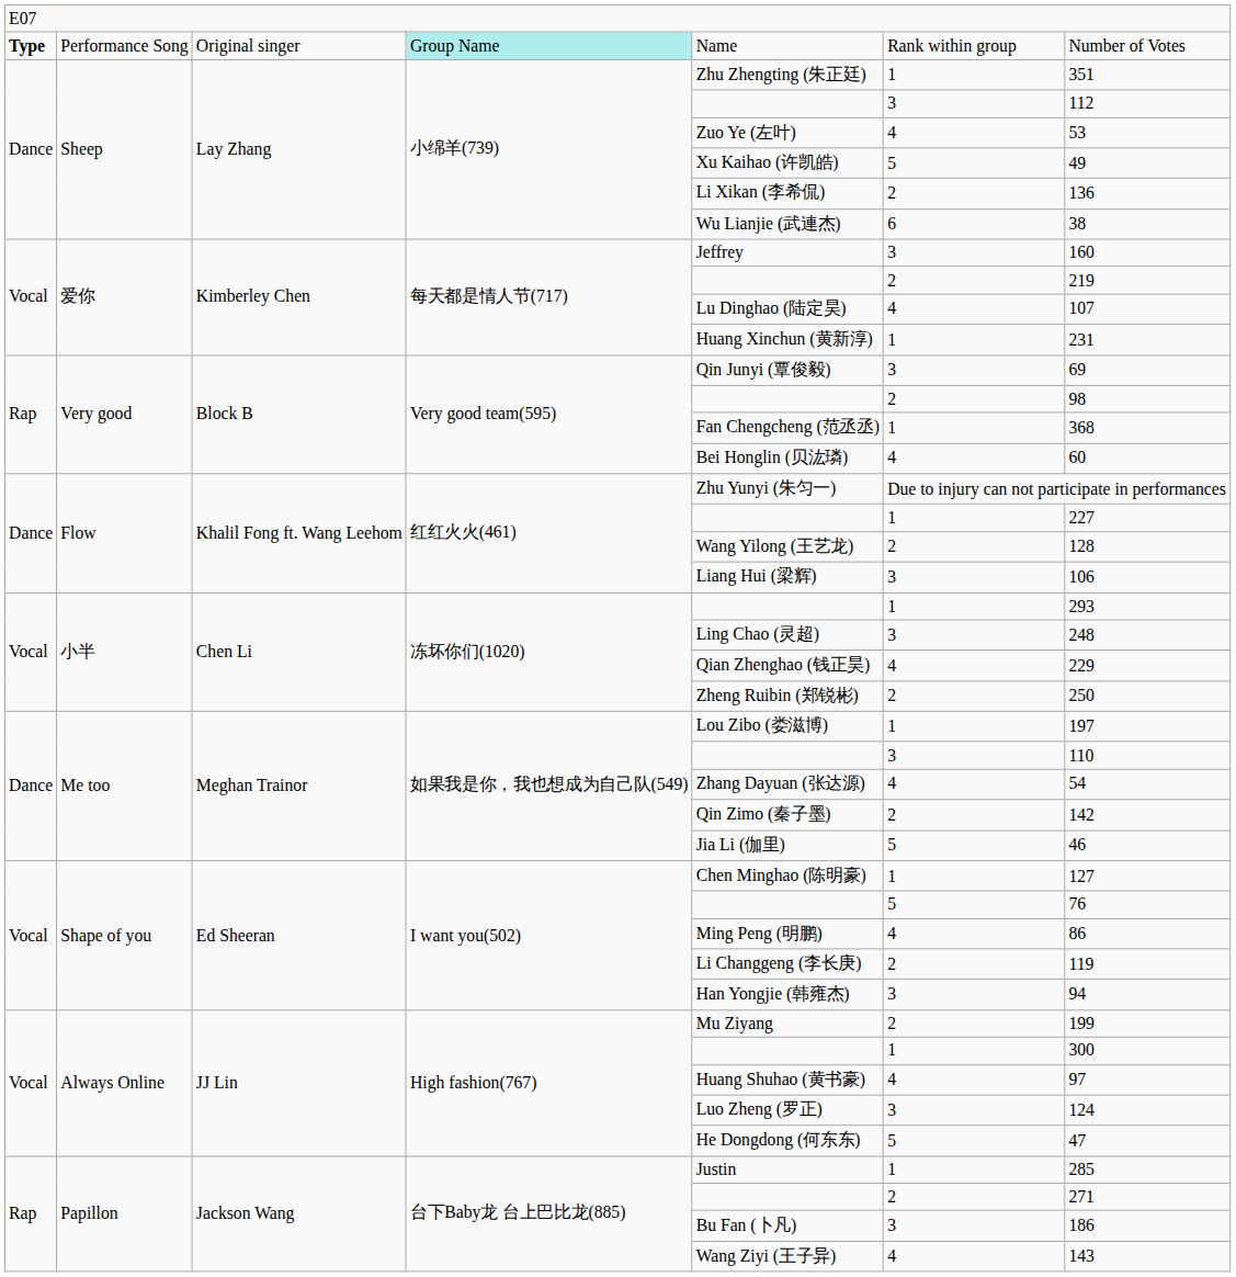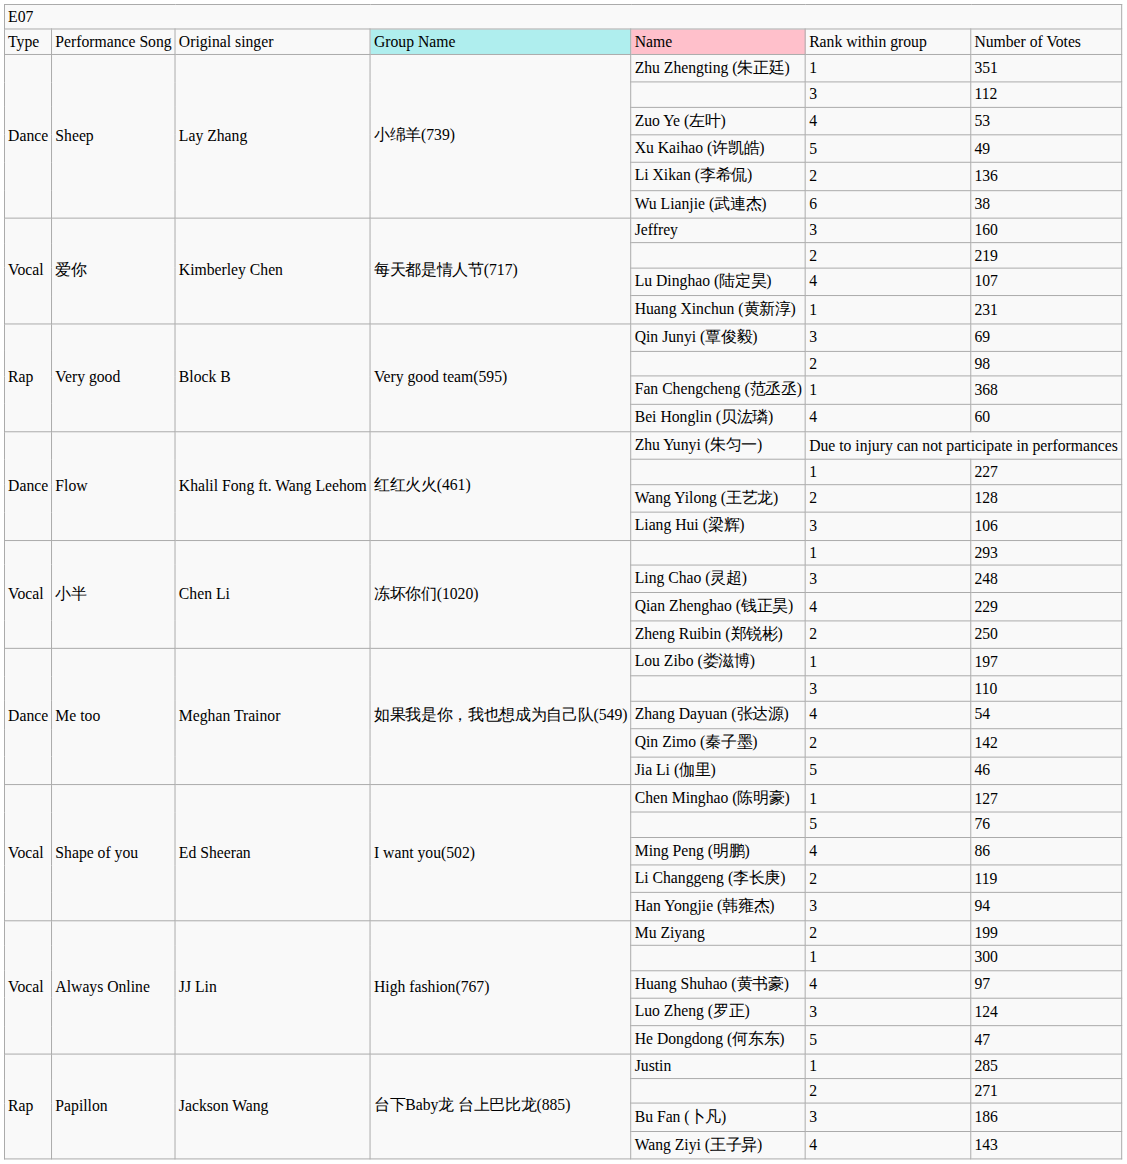 <table class="wikitable">
 <tr>
 <td colspan="7">E07</td>
 </tr>
 <tr>
-<td><strong>Type</strong></td>
+<td>Type</td>
 <td>Performance Song</td>
 <td>Original singer</td>
 <td style="background: paleturquoise;">Group Name</td>
-<td>Name</td>
+<td style="background: pink;">Name</td>
 <td>Rank within group</td>
 <td>Number of Votes</td>
 </tr>
 <tr>
 <td rowspan="6">Dance</td>
 <td rowspan="6">Sheep</td>
 <td rowspan="6">Lay Zhang</td>
 <td rowspan="6">小绵羊(739)</td>
 <td>Zhu Zhengting (朱正廷)</td>
 <td>1</td>
 <td>351</td>
 </tr>
 <tr>
 <td></td>
 <td>3</td>
 <td>112</td>
 </tr>
 <tr>
 <td>Zuo Ye (左叶)</td>
 <td>4</td>
 <td>53</td>
 </tr>
 <tr>
 <td>Xu Kaihao (许凯皓)</td>
 <td>5</td>
 <td>49</td>
 </tr>
 <tr>
 <td>Li Xikan (李希侃)</td>
 <td>2</td>
 <td>136</td>
 </tr>
 <tr>
 <td>Wu Lianjie (武連杰)</td>
 <td>6</td>
 <td>38</td>
 </tr>
 <tr>
 <td rowspan="4">Vocal</td>
 <td rowspan="4">爱你</td>
 <td rowspan="4">Kimberley Chen</td>
 <td rowspan="4">每天都是情人节(717)</td>
 <td>Jeffrey</td>
 <td>3</td>
 <td>160</td>
 </tr>
 <tr>
 <td></td>
 <td>2</td>
 <td>219</td>
 </tr>
 <tr>
 <td>Lu Dinghao (陆定昊)</td>
 <td>4</td>
 <td>107</td>
 </tr>
 <tr>
 <td>Huang Xinchun (黄新淳)</td>
 <td>1</td>
 <td>231</td>
 </tr>
 <tr>
 <td rowspan="4">Rap</td>
 <td rowspan="4">Very good</td>
 <td rowspan="4">Block B</td>
 <td rowspan="4">Very good team(595)</td>
 <td>Qin Junyi (覃俊毅)</td>
 <td>3</td>
 <td>69</td>
 </tr>
 <tr>
 <td></td>
 <td>2</td>
 <td>98</td>
 </tr>
 <tr>
 <td>Fan Chengcheng (范丞丞)</td>
 <td>1</td>
 <td>368</td>
 </tr>
 <tr>
 <td>Bei Honglin (贝汯璘)</td>
 <td>4</td>
 <td>60</td>
 </tr>
 <tr>
 <td rowspan="4">Dance</td>
 <td rowspan="4">Flow</td>
 <td rowspan="4">Khalil Fong ft. Wang Leehom</td>
 <td rowspan="4">红红火火(461)</td>
 <td>Zhu Yunyi (朱匀一)</td>
 <td colspan="2">Due to injury can not participate in performances</td>
 </tr>
 <tr>
 <td></td>
 <td>1</td>
 <td>227</td>
 </tr>
 <tr>
 <td>Wang Yilong (王艺龙)</td>
 <td>2</td>
 <td>128</td>
 </tr>
 <tr>
 <td>Liang Hui (梁辉)</td>
 <td>3</td>
 <td>106</td>
 </tr>
 <tr>
 <td rowspan="4">Vocal</td>
 <td rowspan="4">小半</td>
 <td rowspan="4">Chen Li</td>
 <td rowspan="4">冻坏你们(1020)</td>
 <td></td>
 <td>1</td>
 <td>293</td>
 </tr>
 <tr>
 <td>Ling Chao (灵超)</td>
 <td>3</td>
 <td>248</td>
 </tr>
 <tr>
 <td>Qian Zhenghao (钱正昊)</td>
 <td>4</td>
 <td>229</td>
 </tr>
 <tr>
 <td>Zheng Ruibin (郑锐彬)</td>
 <td>2</td>
 <td>250</td>
 </tr>
 <tr>
 <td rowspan="5">Dance</td>
 <td rowspan="5">Me too</td>
 <td rowspan="5">Meghan  Trainor</td>
 <td rowspan="5">如果我是你，我也想成为自己队(549)</td>
 <td>Lou Zibo (娄滋博)</td>
 <td>1</td>
 <td>197</td>
 </tr>
 <tr>
 <td></td>
 <td>3</td>
 <td>110</td>
 </tr>
 <tr>
 <td>Zhang Dayuan (张达源)</td>
 <td>4</td>
 <td>54</td>
 </tr>
 <tr>
 <td>Qin Zimo (秦子墨)</td>
 <td>2</td>
 <td>142</td>
 </tr>
 <tr>
 <td>Jia Li (伽里)</td>
 <td>5</td>
 <td>46</td>
 </tr>
 <tr>
 <td rowspan="5">Vocal</td>
 <td rowspan="5">Shape of you</td>
 <td rowspan="5">Ed Sheeran</td>
 <td rowspan="5">I want you(502)</td>
 <td>Chen Minghao (陈明豪)</td>
 <td>1</td>
 <td>127</td>
 </tr>
 <tr>
 <td></td>
 <td>5</td>
 <td>76</td>
 </tr>
 <tr>
 <td>Ming Peng (明鹏)</td>
 <td>4</td>
 <td>86</td>
 </tr>
 <tr>
 <td>Li Changgeng (李长庚)</td>
 <td>2</td>
 <td>119</td>
 </tr>
 <tr>
 <td>Han Yongjie (韩雍杰)</td>
 <td>3</td>
 <td>94</td>
 </tr>
 <tr>
 <td rowspan="5">Vocal</td>
 <td rowspan="5">Always Online</td>
 <td rowspan="5">JJ Lin</td>
 <td rowspan="5">High fashion(767)</td>
 <td>Mu Ziyang</td>
 <td>2</td>
 <td>199</td>
 </tr>
 <tr>
 <td></td>
 <td>1</td>
 <td>300</td>
 </tr>
 <tr>
 <td>Huang Shuhao (黄书豪)</td>
 <td>4</td>
 <td>97</td>
 </tr>
 <tr>
 <td>Luo Zheng (罗正)</td>
 <td>3</td>
 <td>124</td>
 </tr>
 <tr>
 <td>He Dongdong (何东东)</td>
 <td>5</td>
 <td>47</td>
 </tr>
 <tr>
 <td rowspan="4">Rap</td>
 <td rowspan="4">Papillon</td>
 <td rowspan="4">Jackson Wang</td>
 <td rowspan="4">台下Baby龙 台上巴比龙(885)</td>
 <td>Justin</td>
 <td>1</td>
 <td>285</td>
 </tr>
 <tr>
 <td></td>
 <td>2</td>
 <td>271</td>
 </tr>
 <tr>
 <td>Bu Fan (卜凡)</td>
 <td>3</td>
 <td>186</td>
 </tr>
 <tr>
 <td>Wang Ziyi (王子异)</td>
 <td>4</td>
 <td>143</td>
 </tr>
 </table>
